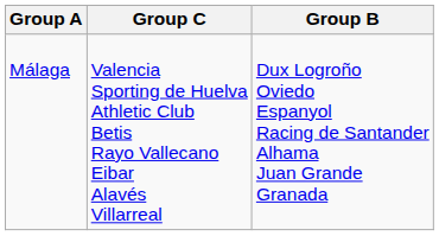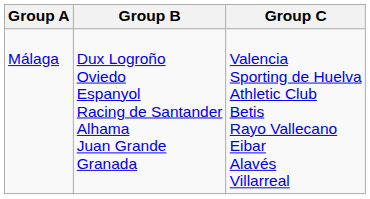 <table class="wikitable">
 <tr>
 <th>Group A</th>
+<th>Group B</th>
 <th>Group C</th>
-<th>Group B</th>
 </tr>
 <tr valign=top>
 <td><br><a href='#'>Málaga</a><br></td>
+<td><br><a href='#'>Dux Logroño</a><br> <a href='#'>Oviedo</a><br> <a href='#'>Espanyol</a><br> <a href='#'>Racing de Santander</a><br> <a href='#'>Alhama</a><br> <a href='#'>Juan Grande</a><br> <a href='#'>Granada</a></td>
 <td><br><a href='#'>Valencia</a><br> <a href='#'>Sporting de Huelva</a><br> <a href='#'>Athletic Club</a><br> <a href='#'>Betis</a><br> <a href='#'>Rayo Vallecano</a><br> <a href='#'>Eibar</a><br> <a href='#'>Alavés</a><br> <a href='#'>Villarreal</a></td>
-<td><br><a href='#'>Dux Logroño</a><br> <a href='#'>Oviedo</a><br> <a href='#'>Espanyol</a><br> <a href='#'>Racing de Santander</a><br> <a href='#'>Alhama</a><br> <a href='#'>Juan Grande</a><br> <a href='#'>Granada</a></td>
 </tr>
 </table>
